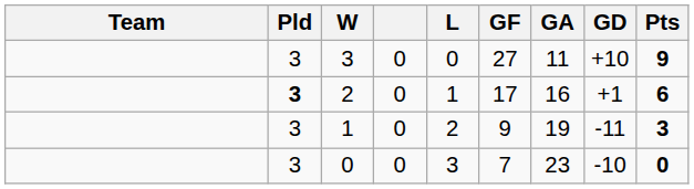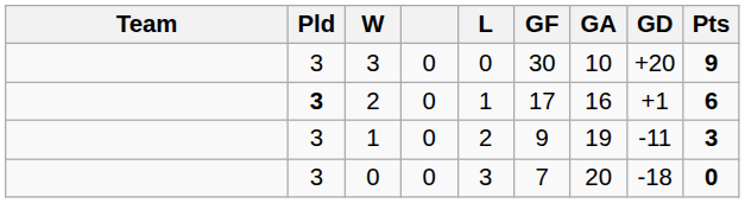 <table class="wikitable" style="text-align: center;">
 <tr>
 <th width="180">Team</th>
 <th width="30">Pld</th>
 <th width="30">W</th>
 <th width="30"></th>
 <th width="30">L</th>
 <th width="30">GF</th>
 <th width="30">GA</th>
 <th width="30">GD</th>
 <th width="30">Pts</th>
 </tr>
 <tr>
 <td align=left></td>
 <td>3</td>
 <td>3</td>
 <td>0</td>
 <td>0</td>
-<td>27</td>
-<td>11</td>
-<td>+10</td>
+<td>30</td>
+<td>10</td>
+<td>+20</td>
 <td><strong>9</strong></td>
 </tr>
 <tr>
 <td align=left></td>
 <td><strong>3</strong></td>
 <td>2</td>
 <td>0</td>
 <td>1</td>
 <td>17</td>
 <td>16</td>
 <td>+1</td>
 <td><strong>6</strong></td>
 </tr>
 <tr>
 <td align=left></td>
 <td>3</td>
 <td>1</td>
 <td>0</td>
 <td>2</td>
 <td>9</td>
 <td>19</td>
 <td>-11</td>
 <td><strong>3</strong></td>
 </tr>
 <tr>
 <td align=left></td>
 <td>3</td>
 <td>0</td>
 <td>0</td>
 <td>3</td>
 <td>7</td>
-<td>23</td>
-<td>-10</td>
+<td>20</td>
+<td>-18</td>
 <td><strong>0</strong></td>
 </tr>
 </table>
